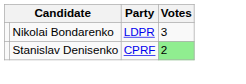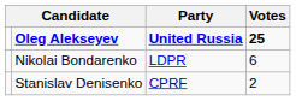 <table class="wikitable sortable">
 <tr>
 <th colspan="2">Candidate</th>
 <th>Party</th>
 <th>Votes</th>
 </tr>
 <tr>
 <td style="background-color: "></td>
+<td><strong><a href='#'>Oleg Alekseyev</a></strong></td>
+<td><strong><a href='#'>United Russia</a></strong></td>
+<td><strong>25</strong></td>
+</tr>
+<tr>
+<td style="background-color: "></td>
 <td>Nikolai Bondarenko</td>
 <td><a href='#'>LDPR</a></td>
-<td>3</td>
+<td>6</td>
 </tr>
 <tr>
 <td style="background-color: "></td>
 <td>Stanislav Denisenko</td>
 <td><a href='#'>CPRF</a></td>
-<td style="background: lightgreen;">2</td>
+<td>2</td>
 </tr>
 </table>
